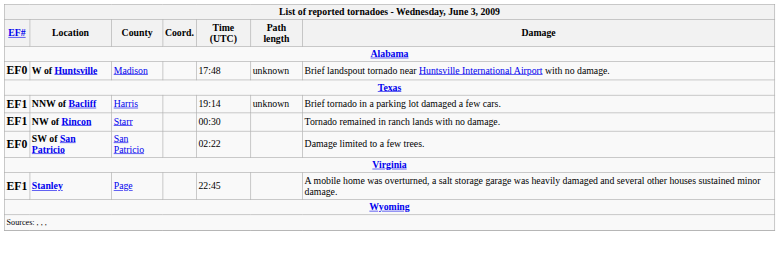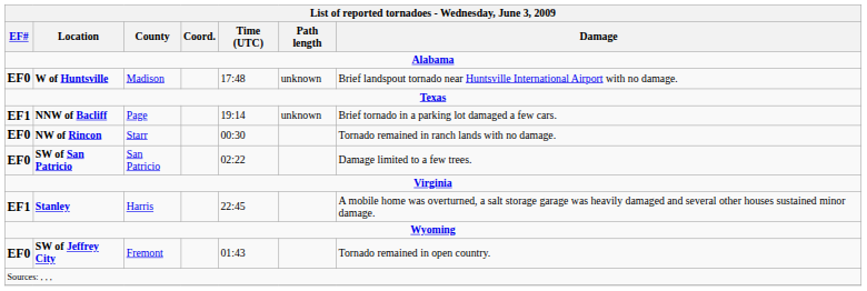 <table class="wikitable collapsible" width="100%">
 <tr>
 <th colspan="7">List of reported tornadoes - Wednesday, June 3, 2009</th>
 </tr>
 <tr>
 <th><a href='#'>EF#</a></th>
 <th>Location</th>
 <th>County</th>
 <th>Coord.</th>
 <th>Time (UTC)</th>
 <th>Path length</th>
 <th>Damage</th>
 </tr>
 <tr>
 <td colspan="7" align=center><strong><a href='#'>Alabama</a></strong></td>
 </tr>
 <tr>
 <td><big><strong>EF0</strong></big></td>
 <td><strong>W of <a href='#'>Huntsville</a></strong></td>
 <td><a href='#'>Madison</a></td>
 <td></td>
 <td>17:48</td>
 <td>unknown</td>
 <td>Brief landspout tornado near <a href='#'>Huntsville International Airport</a> with no damage.</td>
 </tr>
 <tr>
 <td colspan="7" align=center><strong><a href='#'>Texas</a></strong></td>
 </tr>
 <tr>
 <td><big><strong>EF1</strong></big></td>
 <td><strong>NNW of <a href='#'>Bacliff</a></strong></td>
-<td><a href='#'>Harris</a></td>
+<td><a href='#'>Page</a></td>
 <td></td>
 <td>19:14</td>
 <td>unknown</td>
 <td>Brief tornado in a parking lot damaged a few cars.</td>
 </tr>
 <tr>
-<td><big><strong>EF1</strong></big></td>
+<td><big><strong>EF0</strong></big></td>
 <td><strong>NW of <a href='#'>Rincon</a></strong></td>
 <td><a href='#'>Starr</a></td>
 <td></td>
 <td>00:30</td>
 <td></td>
 <td>Tornado remained in ranch lands with no damage.</td>
 </tr>
 <tr>
 <td><big><strong>EF0</strong></big></td>
 <td><strong>SW of <a href='#'>San Patricio</a></strong></td>
 <td><a href='#'>San Patricio</a></td>
 <td></td>
 <td>02:22</td>
 <td></td>
 <td>Damage limited to a few trees.</td>
 </tr>
 <tr>
 <td colspan="7" align=center><strong><a href='#'>Virginia</a></strong></td>
 </tr>
 <tr>
 <td><big><strong>EF1</strong></big></td>
 <td><strong><a href='#'>Stanley</a></strong></td>
-<td><a href='#'>Page</a></td>
+<td><a href='#'>Harris</a></td>
 <td></td>
 <td>22:45</td>
 <td></td>
 <td>A mobile home was overturned, a salt storage garage was heavily damaged and several other houses sustained minor damage.</td>
 </tr>
 <tr>
 <td colspan="7" align=center><strong><a href='#'>Wyoming</a></strong></td>
 </tr>
 <tr>
+<td><big><strong>EF0</strong></big></td>
+<td><strong>SW of <a href='#'>Jeffrey City</a></strong></td>
+<td><a href='#'>Fremont</a></td>
+<td></td>
+<td>01:43</td>
+<td></td>
+<td>Tornado remained in open country.</td>
+</tr>
+<tr>
 <td colspan="7"><small>Sources: , , , </small></td>
 </tr>
 <tr>
 </tr>
 </table>
